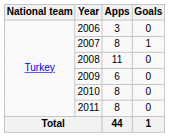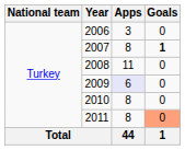 <table class="wikitable" style="text-align:center">
 <tr>
 <th>National team</th>
 <th>Year</th>
 <th>Apps</th>
 <th>Goals</th>
 </tr>
 <tr>
 <td rowspan="6"><a href='#'>Turkey</a></td>
 <td>2006</td>
 <td>3</td>
 <td>0</td>
 </tr>
 <tr>
 <td>2007</td>
 <td>8</td>
-<td>1</td>
+<td><strong>1</strong></td>
 </tr>
 <tr>
 <td>2008</td>
 <td>11</td>
 <td>0</td>
 </tr>
 <tr>
 <td>2009</td>
-<td>6</td>
+<td style="background: lavender;">6</td>
 <td>0</td>
 </tr>
 <tr>
 <td>2010</td>
 <td>8</td>
 <td>0</td>
 </tr>
 <tr>
 <td>2011</td>
 <td>8</td>
-<td>0</td>
+<td style="background: lightsalmon;">0</td>
 </tr>
 <tr>
 <th colspan="2">Total</th>
 <th>44</th>
 <th>1</th>
 </tr>
 </table>
